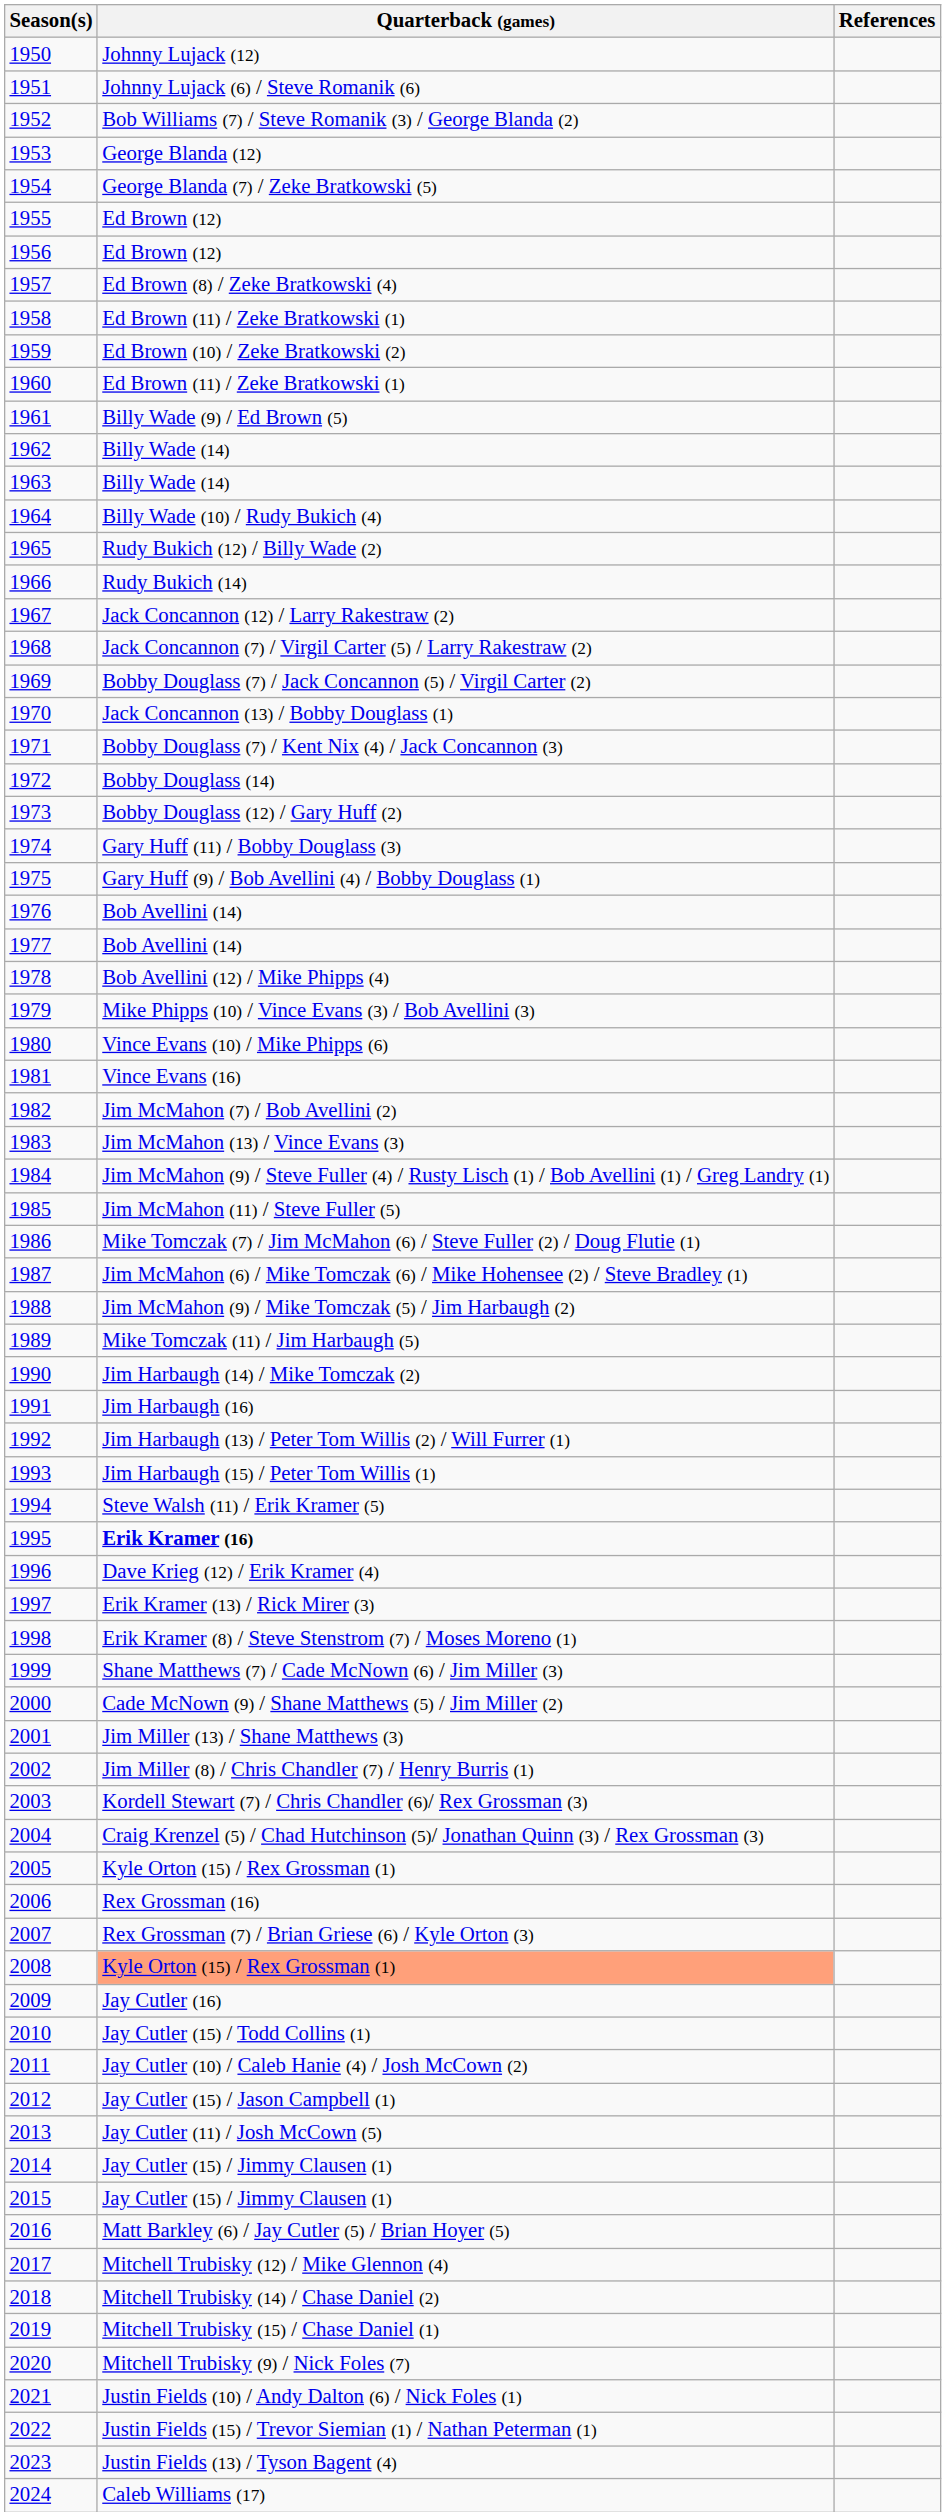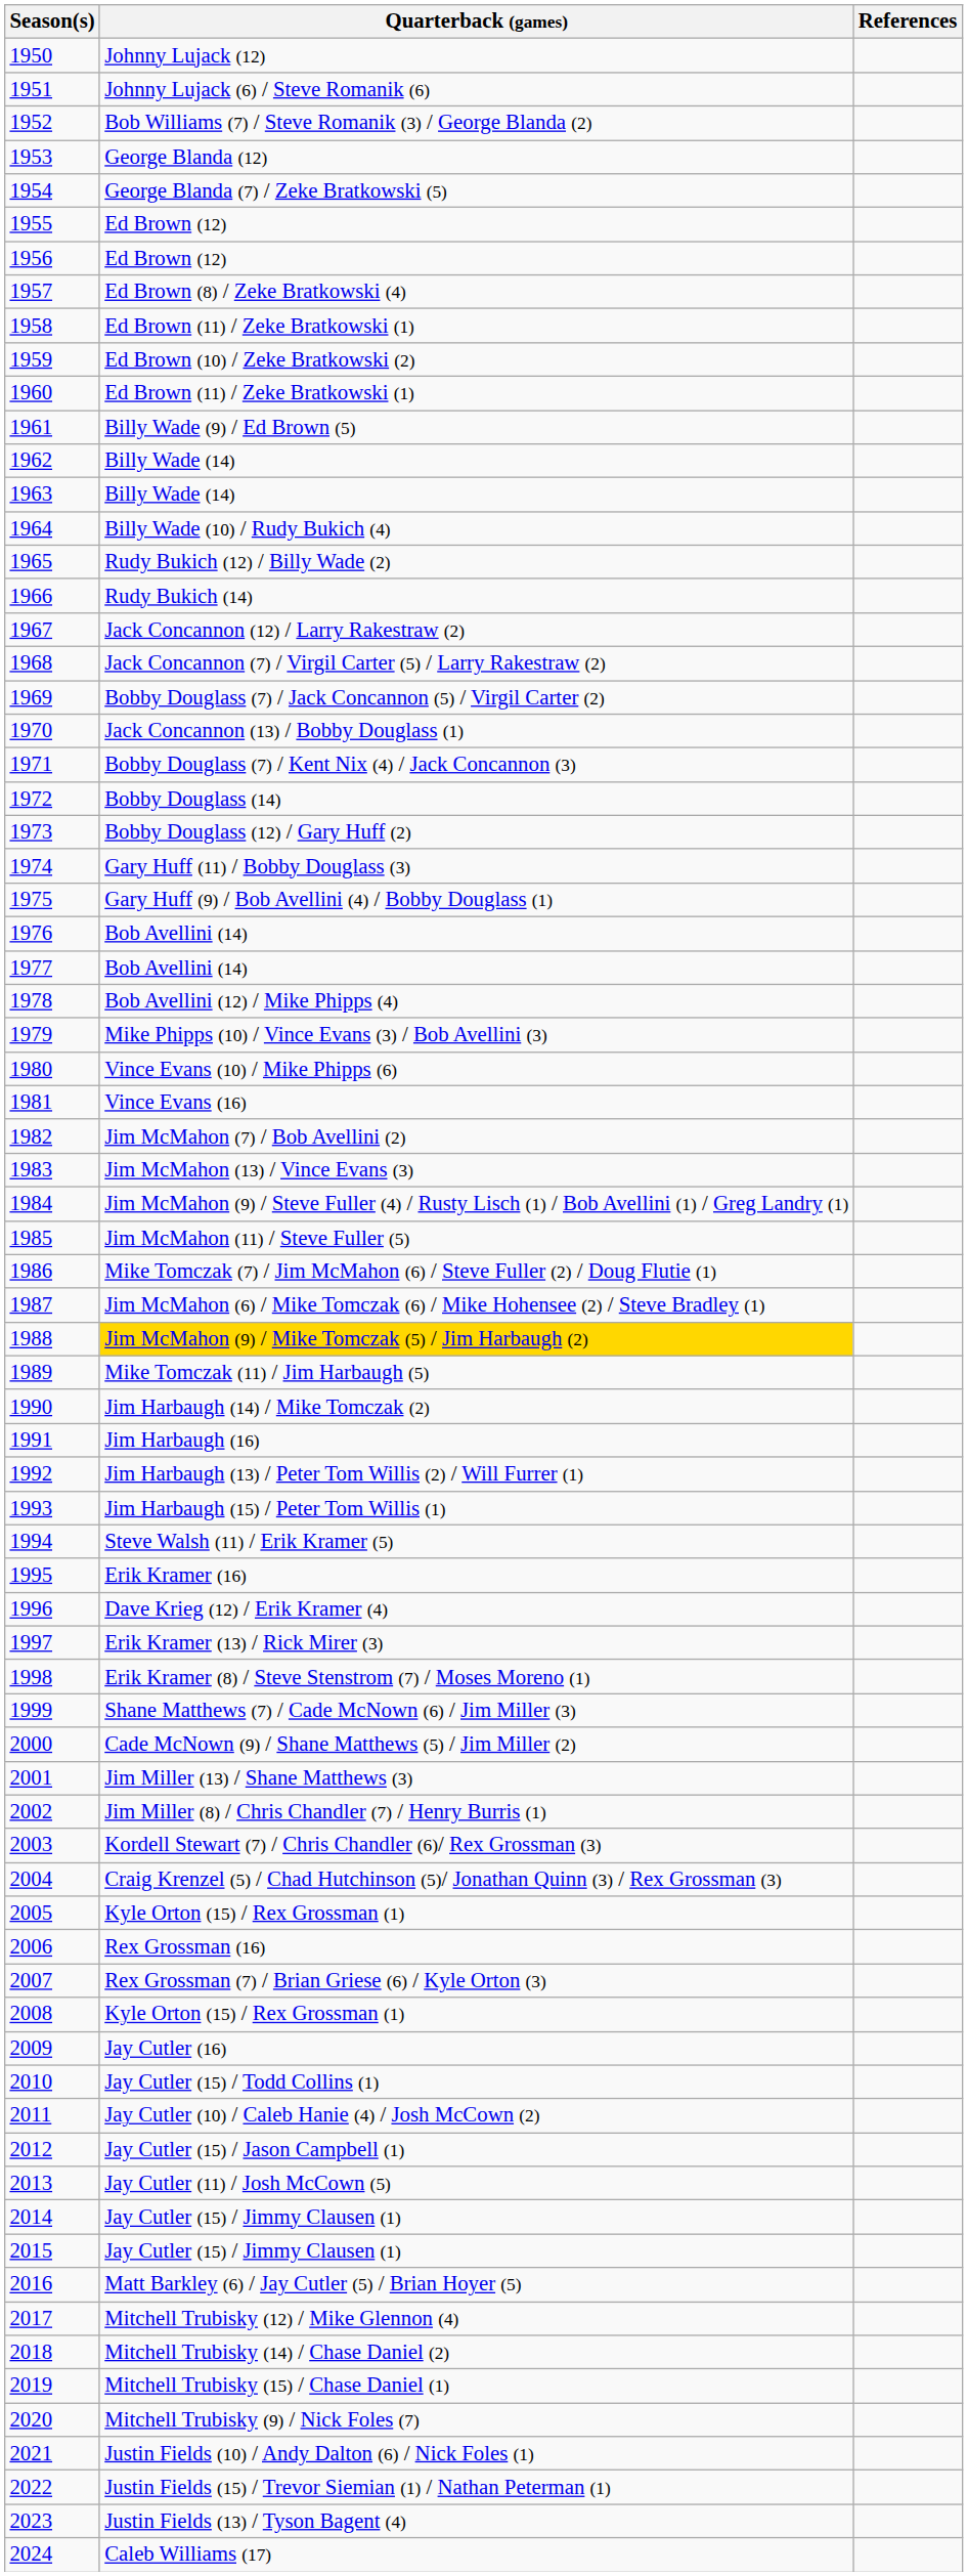 <table class="wikitable">
 <tr>
 <th>Season(s)</th>
 <th>Quarterback <small>(games)</small></th>
 <th>References</th>
 </tr>
 <tr>
 <td><a href='#'>1950</a></td>
 <td><a href='#'>Johnny Lujack</a> <small>(12)</small></td>
 <td style="text-align:center;"></td>
 </tr>
 <tr>
 <td><a href='#'>1951</a></td>
 <td><a href='#'>Johnny Lujack</a> <small>(6)</small> / <a href='#'>Steve Romanik</a> <small>(6)</small></td>
 <td style="text-align:center;"></td>
 </tr>
 <tr>
 <td><a href='#'>1952</a></td>
 <td><a href='#'>Bob Williams</a> <small>(7)</small> / <a href='#'>Steve Romanik</a> <small>(3)</small> / <a href='#'>George Blanda</a> <small>(2)</small></td>
 <td style="text-align:center;"></td>
 </tr>
 <tr>
 <td><a href='#'>1953</a></td>
 <td><a href='#'>George Blanda</a> <small>(12)</small></td>
 <td style="text-align:center;"></td>
 </tr>
 <tr>
 <td><a href='#'>1954</a></td>
 <td><a href='#'>George Blanda</a> <small>(7)</small> / <a href='#'>Zeke Bratkowski</a> <small>(5)</small></td>
 <td style="text-align:center;"></td>
 </tr>
 <tr>
 <td><a href='#'>1955</a></td>
 <td><a href='#'>Ed Brown</a> <small>(12)</small></td>
 <td style="text-align:center;"></td>
 </tr>
 <tr>
 <td><a href='#'>1956</a></td>
 <td><a href='#'>Ed Brown</a> <small>(12)</small></td>
 <td style="text-align:center;"></td>
 </tr>
 <tr>
 <td><a href='#'>1957</a></td>
 <td><a href='#'>Ed Brown</a> <small>(8)</small> / <a href='#'>Zeke Bratkowski</a> <small>(4)</small></td>
 <td style="text-align:center;"></td>
 </tr>
 <tr>
 <td><a href='#'>1958</a></td>
 <td><a href='#'>Ed Brown</a> <small>(11)</small> / <a href='#'>Zeke Bratkowski</a> <small>(1)</small></td>
 <td style="text-align:center;"></td>
 </tr>
 <tr>
 <td><a href='#'>1959</a></td>
 <td><a href='#'>Ed Brown</a> <small>(10)</small> / <a href='#'>Zeke Bratkowski</a> <small>(2)</small></td>
 <td style="text-align:center;"></td>
 </tr>
 <tr>
 <td><a href='#'>1960</a></td>
 <td><a href='#'>Ed Brown</a> <small>(11)</small> / <a href='#'>Zeke Bratkowski</a> <small>(1)</small></td>
 <td style="text-align:center;"></td>
 </tr>
 <tr>
 <td><a href='#'>1961</a></td>
 <td><a href='#'>Billy Wade</a> <small>(9)</small> / <a href='#'>Ed Brown</a> <small>(5)</small></td>
 <td style="text-align:center;"></td>
 </tr>
 <tr>
 <td><a href='#'>1962</a></td>
 <td><a href='#'>Billy Wade</a> <small>(14)</small></td>
 <td style="text-align:center;"></td>
 </tr>
 <tr>
 <td><a href='#'>1963</a></td>
 <td><a href='#'>Billy Wade</a> <small>(14)</small></td>
 <td style="text-align:center;"></td>
 </tr>
 <tr>
 <td><a href='#'>1964</a></td>
 <td><a href='#'>Billy Wade</a> <small>(10)</small> / <a href='#'>Rudy Bukich</a> <small>(4)</small></td>
 <td style="text-align:center;"></td>
 </tr>
 <tr>
 <td><a href='#'>1965</a></td>
 <td><a href='#'>Rudy Bukich</a> <small>(12)</small> / <a href='#'>Billy Wade</a> <small>(2)</small></td>
 <td style="text-align:center;"></td>
 </tr>
 <tr>
 <td><a href='#'>1966</a></td>
 <td><a href='#'>Rudy Bukich</a> <small>(14)</small></td>
 <td style="text-align:center;"></td>
 </tr>
 <tr>
 <td><a href='#'>1967</a></td>
 <td><a href='#'>Jack Concannon</a> <small>(12)</small> / <a href='#'>Larry Rakestraw</a> <small>(2)</small></td>
 <td style="text-align:center;"></td>
 </tr>
 <tr>
 <td><a href='#'>1968</a></td>
 <td><a href='#'>Jack Concannon</a> <small>(7)</small> / <a href='#'>Virgil Carter</a> <small>(5)</small> / <a href='#'>Larry Rakestraw</a> <small>(2)</small></td>
 <td style="text-align:center;"></td>
 </tr>
 <tr>
 <td><a href='#'>1969</a></td>
 <td><a href='#'>Bobby Douglass</a> <small>(7)</small> / <a href='#'>Jack Concannon</a> <small>(5)</small> / <a href='#'>Virgil Carter</a> <small>(2)</small></td>
 <td style="text-align:center;"></td>
 </tr>
 <tr>
 <td><a href='#'>1970</a></td>
 <td><a href='#'>Jack Concannon</a> <small>(13)</small> / <a href='#'>Bobby Douglass</a> <small>(1)</small></td>
 <td style="text-align:center;"></td>
 </tr>
 <tr>
 <td><a href='#'>1971</a></td>
 <td><a href='#'>Bobby Douglass</a> <small>(7)</small> / <a href='#'>Kent Nix</a> <small>(4)</small> / <a href='#'>Jack Concannon</a> <small>(3)</small></td>
 <td style="text-align:center;"></td>
 </tr>
 <tr>
 <td><a href='#'>1972</a></td>
 <td><a href='#'>Bobby Douglass</a> <small>(14)</small></td>
 <td style="text-align:center;"></td>
 </tr>
 <tr>
 <td><a href='#'>1973</a></td>
 <td><a href='#'>Bobby Douglass</a> <small>(12)</small> / <a href='#'>Gary Huff</a> <small>(2)</small></td>
 <td style="text-align:center;"></td>
 </tr>
 <tr>
 <td><a href='#'>1974</a></td>
 <td><a href='#'>Gary Huff</a> <small>(11)</small> / <a href='#'>Bobby Douglass</a> <small>(3)</small></td>
 <td style="text-align:center;"></td>
 </tr>
 <tr>
 <td><a href='#'>1975</a></td>
 <td><a href='#'>Gary Huff</a> <small>(9)</small> / <a href='#'>Bob Avellini</a> <small>(4)</small> / <a href='#'>Bobby Douglass</a> <small>(1)</small></td>
 <td style="text-align:center;"></td>
 </tr>
 <tr>
 <td><a href='#'>1976</a></td>
 <td><a href='#'>Bob Avellini</a> <small>(14)</small></td>
 <td style="text-align:center;"></td>
 </tr>
 <tr>
 <td><a href='#'>1977</a></td>
 <td><a href='#'>Bob Avellini</a> <small>(14)</small></td>
 <td style="text-align:center;"></td>
 </tr>
 <tr>
 <td><a href='#'>1978</a></td>
 <td><a href='#'>Bob Avellini</a> <small>(12)</small> / <a href='#'>Mike Phipps</a> <small>(4)</small></td>
 <td style="text-align:center;"></td>
 </tr>
 <tr>
 <td><a href='#'>1979</a></td>
 <td><a href='#'>Mike Phipps</a> <small>(10)</small> / <a href='#'>Vince Evans</a> <small>(3)</small> / <a href='#'>Bob Avellini</a> <small>(3)</small></td>
 <td style="text-align:center;"></td>
 </tr>
 <tr>
 <td><a href='#'>1980</a></td>
 <td><a href='#'>Vince Evans</a> <small>(10)</small> / <a href='#'>Mike Phipps</a> <small>(6)</small></td>
 <td style="text-align:center;"></td>
 </tr>
 <tr>
 <td><a href='#'>1981</a></td>
 <td><a href='#'>Vince Evans</a> <small>(16)</small></td>
 <td style="text-align:center;"></td>
 </tr>
 <tr>
 <td><a href='#'>1982</a></td>
 <td><a href='#'>Jim McMahon</a> <small>(7)</small> / <a href='#'>Bob Avellini</a> <small>(2)</small></td>
 <td style="text-align:center;"></td>
 </tr>
 <tr>
 <td><a href='#'>1983</a></td>
 <td><a href='#'>Jim McMahon</a> <small>(13)</small> / <a href='#'>Vince Evans</a> <small>(3)</small></td>
 <td style="text-align:center;"></td>
 </tr>
 <tr>
 <td><a href='#'>1984</a></td>
 <td><a href='#'>Jim McMahon</a> <small>(9)</small> / <a href='#'>Steve Fuller</a> <small>(4)</small> / <a href='#'>Rusty Lisch</a> <small>(1)</small> / <a href='#'>Bob Avellini</a> <small>(1)</small> / <a href='#'>Greg Landry</a> <small>(1)</small></td>
 <td style="text-align:center;"></td>
 </tr>
 <tr>
 <td><a href='#'>1985</a></td>
 <td><a href='#'>Jim McMahon</a> <small>(11)</small> / <a href='#'>Steve Fuller</a> <small>(5)</small></td>
 <td style="text-align:center;"></td>
 </tr>
 <tr>
 <td><a href='#'>1986</a></td>
 <td><a href='#'>Mike Tomczak</a> <small>(7)</small> / <a href='#'>Jim McMahon</a> <small>(6)</small> / <a href='#'>Steve Fuller</a> <small>(2)</small> / <a href='#'>Doug Flutie</a> <small>(1)</small></td>
 <td style="text-align:center;"></td>
 </tr>
 <tr>
 <td><a href='#'>1987</a></td>
 <td><a href='#'>Jim McMahon</a> <small>(6)</small> / <a href='#'>Mike Tomczak</a> <small>(6)</small> / <a href='#'>Mike Hohensee</a> <small>(2)</small> / <a href='#'>Steve Bradley</a> <small>(1)</small></td>
 <td style="text-align:center;"></td>
 </tr>
 <tr>
 <td><a href='#'>1988</a></td>
-<td><a href='#'>Jim McMahon</a> <small>(9)</small> / <a href='#'>Mike Tomczak</a> <small>(5)</small> / <a href='#'>Jim Harbaugh</a> <small>(2)</small></td>
+<td style="background: gold;"><a href='#'>Jim McMahon</a> <small>(9)</small> / <a href='#'>Mike Tomczak</a> <small>(5)</small> / <a href='#'>Jim Harbaugh</a> <small>(2)</small></td>
 <td style="text-align:center;"></td>
 </tr>
 <tr>
 <td><a href='#'>1989</a></td>
 <td><a href='#'>Mike Tomczak</a> <small>(11)</small> / <a href='#'>Jim Harbaugh</a> <small>(5)</small></td>
 <td style="text-align:center;"></td>
 </tr>
 <tr>
 <td><a href='#'>1990</a></td>
 <td><a href='#'>Jim Harbaugh</a> <small>(14)</small> / <a href='#'>Mike Tomczak</a> <small>(2)</small></td>
 <td style="text-align:center;"></td>
 </tr>
 <tr>
 <td><a href='#'>1991</a></td>
 <td><a href='#'>Jim Harbaugh</a> <small>(16)</small></td>
 <td style="text-align:center;"></td>
 </tr>
 <tr>
 <td><a href='#'>1992</a></td>
 <td><a href='#'>Jim Harbaugh</a> <small>(13)</small> / <a href='#'>Peter Tom Willis</a> <small>(2)</small> / <a href='#'>Will Furrer</a> <small>(1)</small></td>
 <td style="text-align:center;"></td>
 </tr>
 <tr>
 <td><a href='#'>1993</a></td>
 <td><a href='#'>Jim Harbaugh</a> <small>(15)</small> / <a href='#'>Peter Tom Willis</a> <small>(1)</small></td>
 <td style="text-align:center;"></td>
 </tr>
 <tr>
 <td><a href='#'>1994</a></td>
 <td><a href='#'>Steve Walsh</a> <small>(11)</small> / <a href='#'>Erik Kramer</a> <small>(5)</small></td>
 <td style="text-align:center;"></td>
 </tr>
 <tr>
 <td><a href='#'>1995</a></td>
-<td><strong><a href='#'>Erik Kramer</a> <small>(16)</small></strong></td>
+<td><a href='#'>Erik Kramer</a> <small>(16)</small></td>
 <td style="text-align:center;"></td>
 </tr>
 <tr>
 <td><a href='#'>1996</a></td>
 <td><a href='#'>Dave Krieg</a> <small>(12)</small> / <a href='#'>Erik Kramer</a> <small>(4)</small></td>
 <td style="text-align:center;"></td>
 </tr>
 <tr>
 <td><a href='#'>1997</a></td>
 <td><a href='#'>Erik Kramer</a> <small>(13)</small> / <a href='#'>Rick Mirer</a> <small>(3)</small></td>
 <td style="text-align:center;"></td>
 </tr>
 <tr>
 <td><a href='#'>1998</a></td>
 <td><a href='#'>Erik Kramer</a> <small>(8)</small> / <a href='#'>Steve Stenstrom</a> <small>(7)</small> / <a href='#'>Moses Moreno</a> <small>(1)</small></td>
 <td style="text-align:center;"></td>
 </tr>
 <tr>
 <td><a href='#'>1999</a></td>
 <td><a href='#'>Shane Matthews</a> <small>(7)</small> / <a href='#'>Cade McNown</a> <small>(6)</small> / <a href='#'>Jim Miller</a> <small>(3)</small></td>
 <td style="text-align:center;"></td>
 </tr>
 <tr>
 <td><a href='#'>2000</a></td>
 <td><a href='#'>Cade McNown</a> <small>(9)</small> / <a href='#'>Shane Matthews</a> <small>(5)</small> / <a href='#'>Jim Miller</a> <small>(2)</small></td>
 <td style="text-align:center;"></td>
 </tr>
 <tr>
 <td><a href='#'>2001</a></td>
 <td><a href='#'>Jim Miller</a> <small>(13)</small> / <a href='#'>Shane Matthews</a> <small>(3)</small></td>
 <td style="text-align:center;"></td>
 </tr>
 <tr>
 <td><a href='#'>2002</a></td>
 <td><a href='#'>Jim Miller</a> <small>(8)</small> / <a href='#'>Chris Chandler</a> <small>(7)</small> / <a href='#'>Henry Burris</a> <small>(1)</small></td>
 <td style="text-align:center;"></td>
 </tr>
 <tr>
 <td><a href='#'>2003</a></td>
 <td><a href='#'>Kordell Stewart</a> <small>(7)</small> / <a href='#'>Chris Chandler</a> <small>(6)</small>/ <a href='#'>Rex Grossman</a> <small>(3)</small></td>
 <td style="text-align:center;"></td>
 </tr>
 <tr>
 <td><a href='#'>2004</a></td>
 <td><a href='#'>Craig Krenzel</a> <small>(5)</small> / <a href='#'>Chad Hutchinson</a> <small>(5)</small>/ <a href='#'>Jonathan Quinn</a> <small>(3)</small> / <a href='#'>Rex Grossman</a> <small>(3)</small></td>
 <td style="text-align:center;"></td>
 </tr>
 <tr>
 <td><a href='#'>2005</a></td>
 <td><a href='#'>Kyle Orton</a> <small>(15)</small> / <a href='#'>Rex Grossman</a> <small>(1)</small></td>
 <td style="text-align:center;"></td>
 </tr>
 <tr>
 <td><a href='#'>2006</a></td>
 <td><a href='#'>Rex Grossman</a> <small>(16)</small></td>
 <td style="text-align:center;"></td>
 </tr>
 <tr>
 <td><a href='#'>2007</a></td>
 <td><a href='#'>Rex Grossman</a> <small>(7)</small> / <a href='#'>Brian Griese</a> <small>(6)</small> / <a href='#'>Kyle Orton</a> <small>(3)</small></td>
 <td style="text-align:center;"></td>
 </tr>
 <tr>
 <td><a href='#'>2008</a></td>
-<td style="background: lightsalmon;"><a href='#'>Kyle Orton</a> <small>(15)</small> / <a href='#'>Rex Grossman</a> <small>(1)</small></td>
+<td><a href='#'>Kyle Orton</a> <small>(15)</small> / <a href='#'>Rex Grossman</a> <small>(1)</small></td>
 <td style="text-align:center;"></td>
 </tr>
 <tr>
 <td><a href='#'>2009</a></td>
 <td><a href='#'>Jay Cutler</a> <small>(16)</small></td>
 <td style="text-align:center;"></td>
 </tr>
 <tr>
 <td><a href='#'>2010</a></td>
 <td><a href='#'>Jay Cutler</a> <small>(15)</small> / <a href='#'>Todd Collins</a> <small>(1)</small></td>
 <td style="text-align:center;"></td>
 </tr>
 <tr>
 <td><a href='#'>2011</a></td>
 <td><a href='#'>Jay Cutler</a> <small>(10)</small> / <a href='#'>Caleb Hanie</a> <small>(4)</small> / <a href='#'>Josh McCown</a> <small>(2)</small></td>
 <td style="text-align:center;"></td>
 </tr>
 <tr>
 <td><a href='#'>2012</a></td>
 <td><a href='#'>Jay Cutler</a> <small>(15)</small> / <a href='#'>Jason Campbell</a> <small>(1)</small></td>
 <td style="text-align:center;"></td>
 </tr>
 <tr>
 <td><a href='#'>2013</a></td>
 <td><a href='#'>Jay Cutler</a> <small>(11)</small> / <a href='#'>Josh McCown</a> <small>(5)</small></td>
 <td style="text-align:center;"></td>
 </tr>
 <tr>
 <td><a href='#'>2014</a></td>
 <td><a href='#'>Jay Cutler</a> <small>(15)</small> / <a href='#'>Jimmy Clausen</a> <small>(1)</small></td>
 <td style="text-align:center;"></td>
 </tr>
 <tr>
 <td><a href='#'>2015</a></td>
 <td><a href='#'>Jay Cutler</a> <small>(15)</small> / <a href='#'>Jimmy Clausen</a> <small>(1)</small></td>
 <td style="text-align:center;"></td>
 </tr>
 <tr>
 <td><a href='#'>2016</a></td>
 <td><a href='#'>Matt Barkley</a> <small>(6)</small> / <a href='#'>Jay Cutler</a> <small>(5)</small> / <a href='#'>Brian Hoyer</a> <small>(5)</small></td>
 <td style="text-align:center;"></td>
 </tr>
 <tr>
 <td><a href='#'>2017</a></td>
 <td><a href='#'>Mitchell Trubisky</a> <small>(12)</small> / <a href='#'>Mike Glennon</a> <small>(4)</small></td>
 <td style="text-align:center;"></td>
 </tr>
 <tr>
 <td><a href='#'>2018</a></td>
 <td><a href='#'>Mitchell Trubisky</a> <small>(14)</small> / <a href='#'>Chase Daniel</a> <small>(2)</small></td>
 <td style="text-align:center;"></td>
 </tr>
 <tr>
 <td><a href='#'>2019</a></td>
 <td><a href='#'>Mitchell Trubisky</a> <small>(15)</small> / <a href='#'>Chase Daniel</a> <small>(1)</small></td>
 <td style="text-align:center;"></td>
 </tr>
 <tr>
 <td><a href='#'>2020</a></td>
 <td><a href='#'>Mitchell Trubisky</a> <small>(9)</small> / <a href='#'>Nick Foles</a> <small>(7)</small></td>
 <td style="text-align:center;"></td>
 </tr>
 <tr>
 <td><a href='#'>2021</a></td>
 <td><a href='#'>Justin Fields</a> <small>(10)</small> / <a href='#'>Andy Dalton</a> <small>(6)</small> / <a href='#'>Nick Foles</a> <small>(1)</small></td>
 <td style="text-align:center;"></td>
 </tr>
 <tr>
 <td><a href='#'>2022</a></td>
 <td><a href='#'>Justin Fields</a> <small>(15)</small> / <a href='#'>Trevor Siemian</a> <small>(1)</small> / <a href='#'>Nathan Peterman</a> <small>(1)</small></td>
 <td style="text-align:center;"></td>
 </tr>
 <tr>
 <td><a href='#'>2023</a></td>
 <td><a href='#'>Justin Fields</a> <small>(13)</small> / <a href='#'>Tyson Bagent</a> <small>(4)</small></td>
 <td style="text-align:center;"></td>
 </tr>
 <tr>
 <td><a href='#'>2024</a></td>
 <td><a href='#'>Caleb Williams</a> <small>(17)</small></td>
 <td></td>
 </tr>
 </table>
